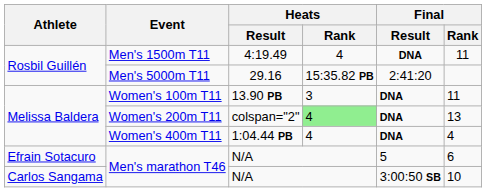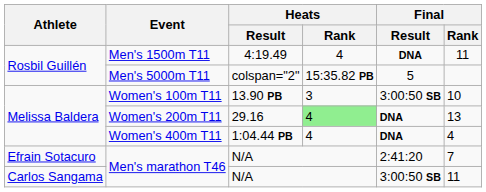 <table class=wikitable style="font-size:90%">
 <tr>
 <th rowspan="2">Athlete</th>
 <th rowspan="2">Event</th>
 <th colspan="2">Heats</th>
 <th colspan="2">Final</th>
 </tr>
 <tr>
 <th>Result</th>
 <th>Rank</th>
 <th>Result</th>
 <th>Rank</th>
 </tr>
 <tr align=center>
 <td rowspan=2 align=left><a href='#'>Rosbil Guillén</a></td>
 <td align=left><a href='#'>Men's 1500m T11</a></td>
 <td>4:19.49 <strong></strong></td>
 <td>4</td>
 <td><abbr><strong><small>DNA</small></strong></abbr></td>
 <td>11</td>
 </tr>
 <tr align=center>
 <td align=left><a href='#'>Men's 5000m T11</a></td>
-<td>29.16</td>
+<td>colspan="2"  </td>
 <td>15:35.82 <strong><small>PB</small></strong></td>
-<td>2:41:20</td>
+<td>5</td>
 </tr>
 <tr>
 <td rowspan="3"><a href='#'>Melissa Baldera</a></td>
 <td><a href='#'>Women's 100m T11</a></td>
 <td>13.90 <small><strong>PB</strong></small></td>
 <td>3</td>
-<td><abbr><strong><small>DNA</small></strong></abbr></td>
-<td>11</td>
+<td>3:00:50 <small><strong>SB</strong></small></td>
+<td>10</td>
 </tr>
 <tr>
 <td><a href='#'>Women's 200m T11</a></td>
-<td>colspan="2"  </td>
+<td>29.16</td>
 <td style="background: lightgreen;">4</td>
 <td><abbr><strong><small>DNA</small></strong></abbr></td>
 <td>13</td>
 </tr>
 <tr>
 <td><a href='#'>Women's 400m T11</a></td>
 <td>1:04.44 <small><strong>PB</strong></small></td>
 <td>4</td>
 <td><abbr><strong><small>DNA</small></strong></abbr></td>
 <td>4</td>
 </tr>
 <tr>
 <td><a href='#'>Efrain Sotacuro</a></td>
 <td rowspan="2"><a href='#'>Men's marathon T46</a></td>
 <td colspan="2">N/A</td>
-<td>5</td>
-<td>6</td>
+<td>2:41:20</td>
+<td>7</td>
 </tr>
 <tr>
 <td><a href='#'>Carlos Sangama</a></td>
 <td colspan="2">N/A</td>
 <td>3:00:50 <small><strong>SB</strong></small></td>
-<td>10</td>
+<td>11</td>
 </tr>
 </table>
